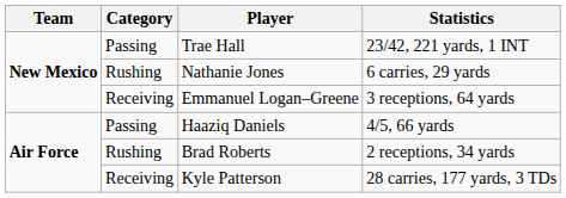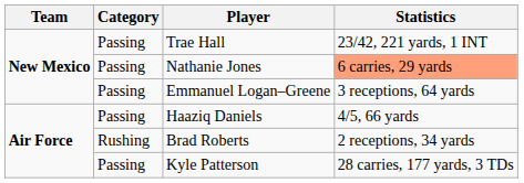 <table class="wikitable" style="float: left;">
 <tr>
 <th>Team</th>
 <th>Category</th>
 <th>Player</th>
 <th>Statistics</th>
 </tr>
 <tr>
 <td rowspan=3><strong>New Mexico</strong></td>
 <td>Passing</td>
 <td>Trae Hall</td>
 <td>23/42, 221 yards, 1 INT</td>
 </tr>
 <tr>
-<td>Rushing</td>
+<td>Passing</td>
 <td>Nathanie Jones</td>
-<td>6 carries, 29 yards</td>
+<td style="background: lightsalmon;">6 carries, 29 yards</td>
 </tr>
 <tr>
-<td>Receiving</td>
+<td>Passing</td>
 <td>Emmanuel Logan–Greene</td>
 <td>3 receptions, 64 yards</td>
 </tr>
 <tr>
 <td rowspan=3><strong>Air Force</strong></td>
 <td>Passing</td>
 <td>Haaziq Daniels</td>
 <td>4/5, 66 yards</td>
 </tr>
 <tr>
 <td>Rushing</td>
 <td>Brad Roberts</td>
 <td>2 receptions, 34 yards</td>
 </tr>
 <tr>
-<td>Receiving</td>
+<td>Passing</td>
 <td>Kyle Patterson</td>
 <td>28 carries, 177 yards, 3 TDs</td>
 </tr>
 </table>
